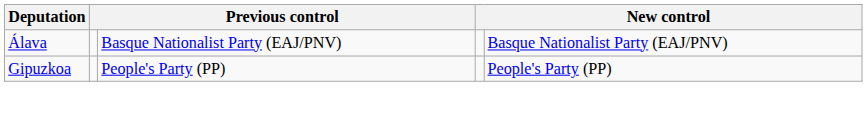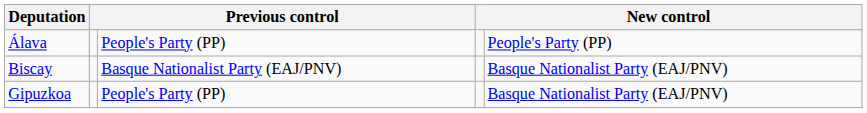 <table class="wikitable sortable">
 <tr>
 <th>Deputation</th>
 <th colspan="2" style="width:375px;">Previous control</th>
 <th colspan="2" style="width:375px;">New control</th>
 </tr>
 <tr>
 <td><a href='#'>Álava</a></td>
 <td width="1" style="color:inherit;background:"></td>
+<td><a href='#'>People's Party</a> (PP)</td>
+<td width="1" style="color:inherit;background:"></td>
+<td><a href='#'>People's Party</a> (PP)</td>
+</tr>
+<tr>
+<td><a href='#'>Biscay</a></td>
+<td style="color:inherit;background:"></td>
 <td><a href='#'>Basque Nationalist Party</a> (EAJ/PNV)</td>
-<td width="1" style="color:inherit;background:"></td>
+<td style="color:inherit;background:"></td>
 <td><a href='#'>Basque Nationalist Party</a> (EAJ/PNV)</td>
 </tr>
 <tr>
 <td><a href='#'>Gipuzkoa</a></td>
 <td style="color:inherit;background:"></td>
 <td><a href='#'>People's Party</a> (PP)</td>
 <td style="color:inherit;background:"></td>
-<td><a href='#'>People's Party</a> (PP)</td>
+<td><a href='#'>Basque Nationalist Party</a> (EAJ/PNV)</td>
 </tr>
 </table>
